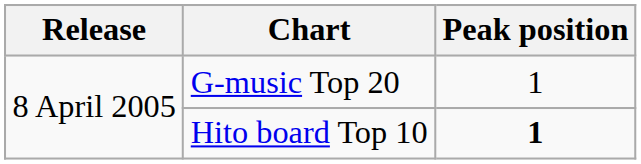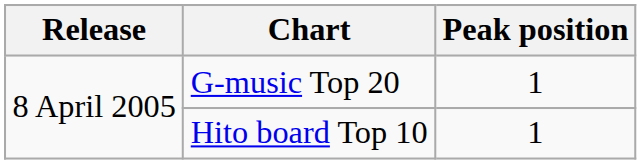 <table class="wikitable">
 <tr>
 <th>Release</th>
 <th>Chart</th>
 <th>Peak position</th>
 </tr>
 <tr>
 <td rowspan=2>8 April 2005</td>
 <td><a href='#'>G-music</a> Top 20</td>
 <td align="center">1</td>
 </tr>
 <tr>
 <td><a href='#'>Hito board</a> Top 10</td>
-<td align="center"><strong>1</strong></td>
+<td align="center">1</td>
 </tr>
 </table>
